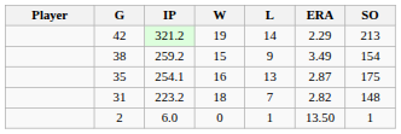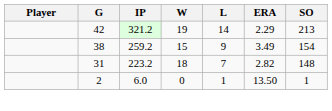 <table class="wikitable sortable">
 <tr>
 <th bgcolor="#DDDDFF" width="16%">Player</th>
 <th bgcolor="#DDDDFF" width="9%">G</th>
 <th bgcolor="#DDDDFF" width="9%">IP</th>
 <th bgcolor="#DDDDFF" width="9%">W</th>
 <th bgcolor="#DDDDFF" width="9%">L</th>
 <th bgcolor="#DDDDFF" width="9%">ERA</th>
 <th bgcolor="#DDDDFF" width="9%">SO</th>
 </tr>
 <tr align="center">
 <td></td>
 <td>42</td>
 <td style="background:#DDFFDD;">321.2</td>
 <td>19</td>
 <td>14</td>
 <td>2.29</td>
 <td>213</td>
 </tr>
 <tr align="center">
 <td></td>
 <td>38</td>
 <td>259.2</td>
 <td>15</td>
 <td>9</td>
 <td>3.49</td>
 <td>154</td>
 </tr>
 <tr align="center">
 <td></td>
-<td>35</td>
-<td>254.1</td>
-<td>16</td>
-<td>13</td>
-<td>2.87</td>
-<td>175</td>
-</tr>
-<tr align="center">
-<td></td>
 <td>31</td>
 <td>223.2</td>
 <td>18</td>
 <td>7</td>
 <td>2.82</td>
 <td>148</td>
 </tr>
 <tr align="center">
 <td></td>
 <td>2</td>
 <td>6.0</td>
 <td>0</td>
 <td>1</td>
 <td>13.50</td>
 <td>1</td>
 </tr>
 </table>
